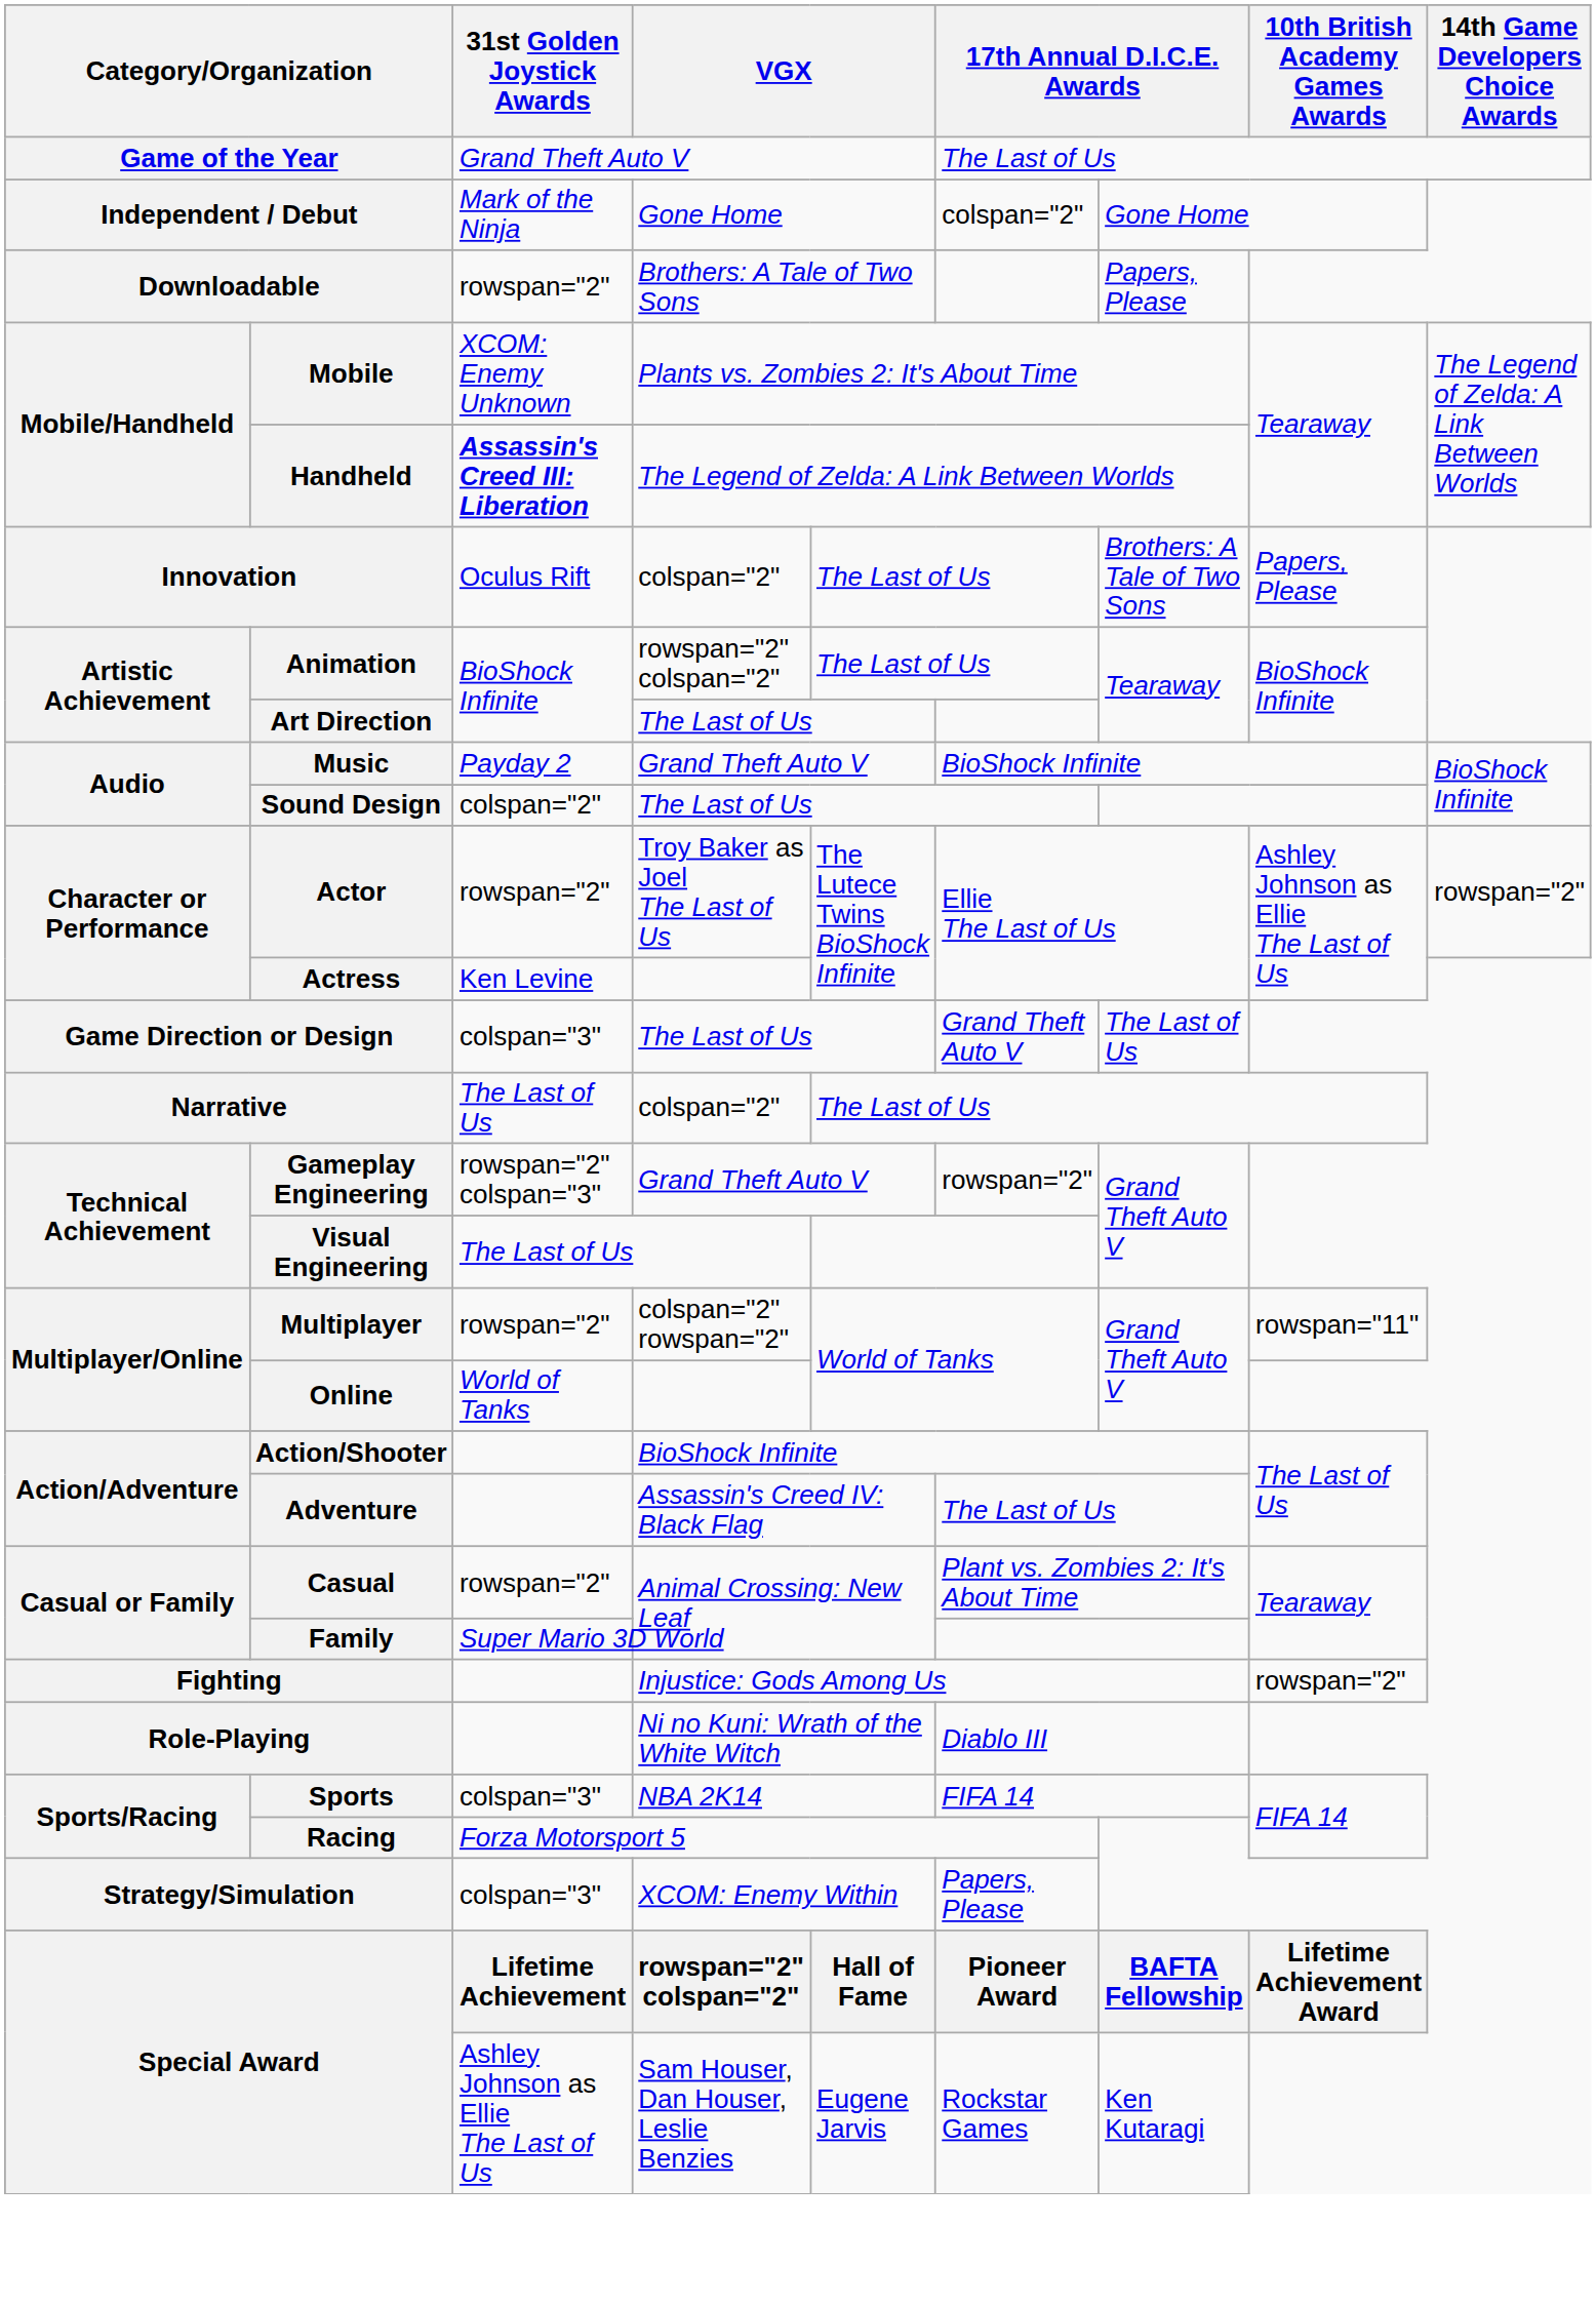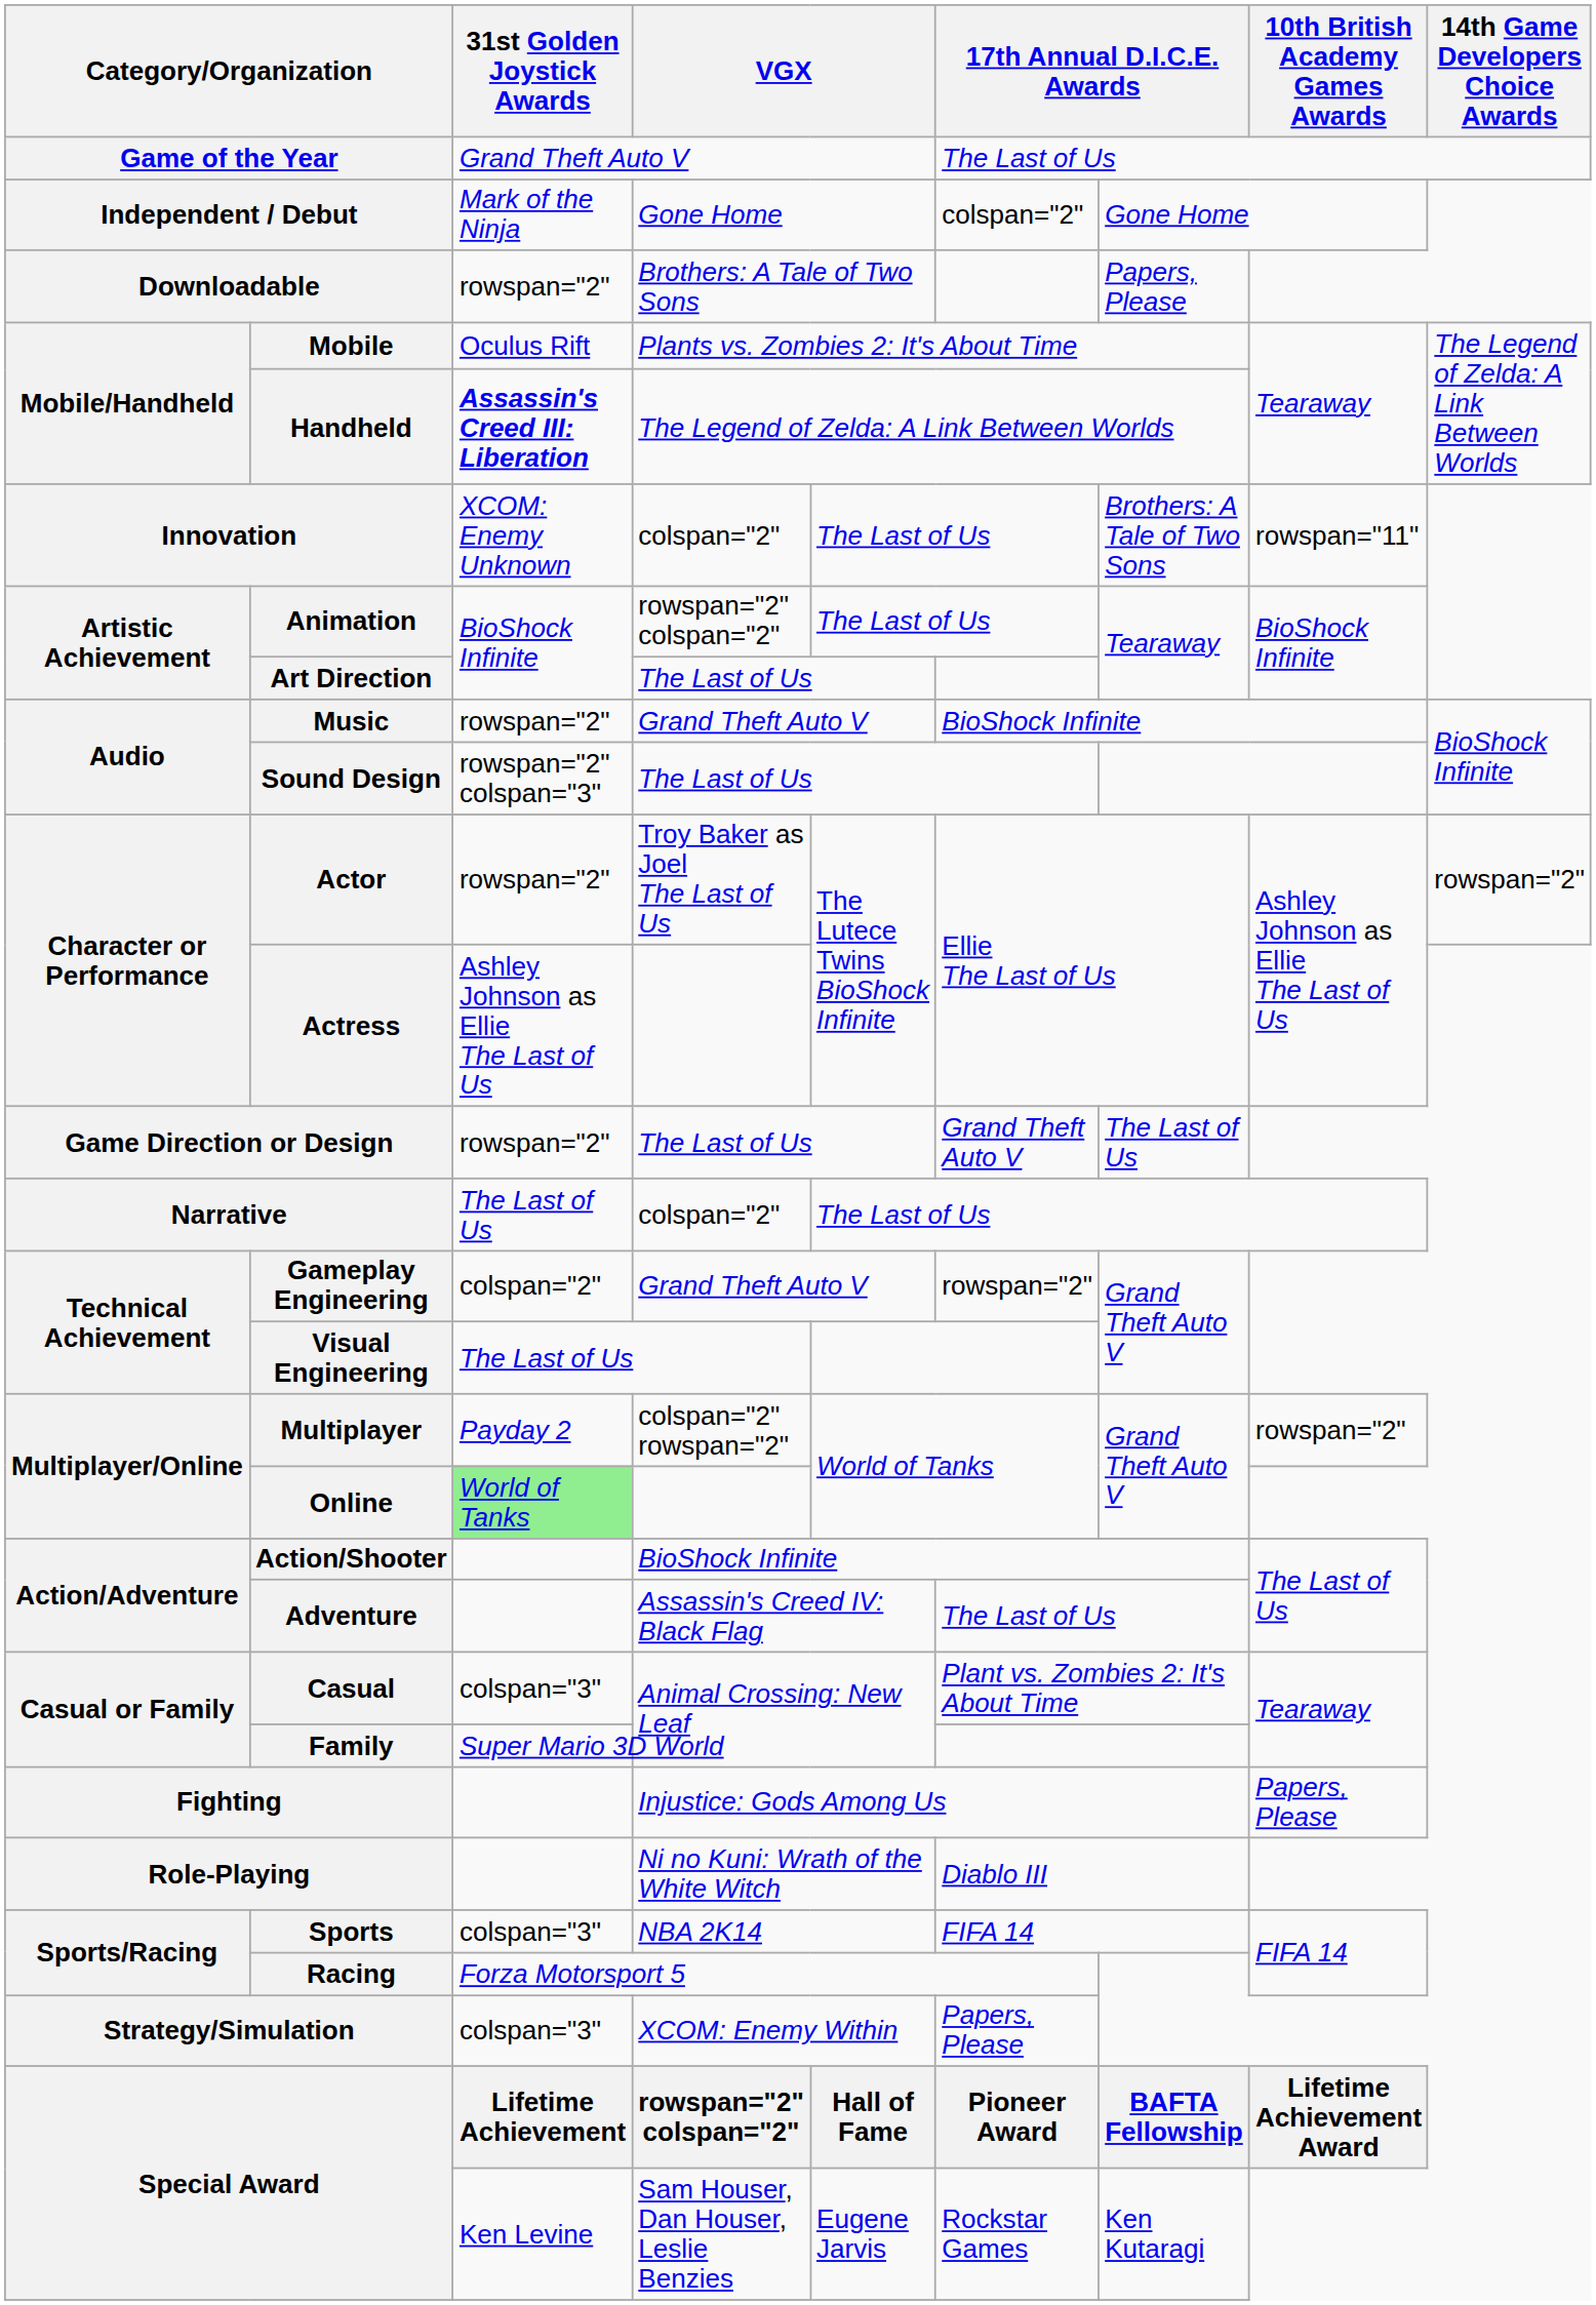 <table class="wikitable" style="border:none; margin:0; width:100%; font-size: 90%;">
 <tr>
 <th style="width:17%;" colspan="2">Category/Organization</th>
 <th style="width:16%;">31st <a href='#'>Golden Joystick Awards</a><br></th>
 <th style="width:16%;" colspan="2"><a href='#'>VGX</a><br></th>
 <th style="width:16%;" colspan="2"><a href='#'>17th Annual D.I.C.E. Awards</a><br></th>
 <th style="width:16%;"><a href='#'>10th British Academy Games Awards</a><br></th>
 <th style="width:16%;">14th <a href='#'>Game Developers Choice Awards</a><br></th>
 </tr>
 <tr>
 <th scope="row" colspan="2"><a href='#'>Game of the Year</a></th>
 <td colspan="3"><em><a href='#'>Grand Theft Auto V</a></em></td>
 <td colspan="4"><em><a href='#'>The Last of Us</a></em></td>
 </tr>
 <tr>
 <th scope="row" colspan="2" style="width:9%;">Independent / Debut</th>
 <td><em><a href='#'>Mark of the Ninja</a></em></td>
 <td colspan="2"><em><a href='#'>Gone Home</a></em></td>
 <td>colspan="2" </td>
 <td colspan="2"><em><a href='#'>Gone Home</a></em></td>
 </tr>
 <tr>
 <th scope="row" colspan="2" style="width:9%;">Downloadable</th>
 <td>rowspan="2" </td>
 <td colspan="2"><em><a href='#'>Brothers: A Tale of Two Sons</a></em></td>
 <td></td>
 <td><em><a href='#'>Papers, Please</a></em></td>
 </tr>
 <tr>
 <th scope="row" rowspan="2" style="width:12%;">Mobile/Handheld</th>
 <th>Mobile</th>
-<td><em><a href='#'>XCOM: Enemy Unknown</a></em></td>
+<td><a href='#'>Oculus Rift</a></td>
 <td colspan="4"><em><a href='#'>Plants vs. Zombies 2: It's About Time</a></em></td>
 <td rowspan="2"><em><a href='#'>Tearaway</a></em></td>
 <td rowspan="2"><em><a href='#'>The Legend of Zelda: A Link Between Worlds</a></em></td>
 </tr>
 <tr>
 <th scope="row">Handheld</th>
 <td><strong><em><a href='#'>Assassin's Creed III: Liberation</a></em></strong></td>
 <td colspan="4"><em><a href='#'>The Legend of Zelda: A Link Between Worlds</a></em></td>
 </tr>
 <tr>
 <th scope="row" colspan="2" style="width:9%;">Innovation</th>
-<td><a href='#'>Oculus Rift</a></td>
+<td><em><a href='#'>XCOM: Enemy Unknown</a></em></td>
 <td>colspan="2" </td>
 <td colspan="2"><em><a href='#'>The Last of Us</a></em></td>
 <td><em><a href='#'>Brothers: A Tale of Two Sons</a></em></td>
-<td><em><a href='#'>Papers, Please</a></em></td>
+<td>rowspan="11" </td>
 </tr>
 <tr>
 <th scope="row" rowspan="2" style="width:9%;">Artistic Achievement</th>
 <th>Animation</th>
 <td rowspan="2"><em><a href='#'>BioShock Infinite</a></em></td>
 <td>rowspan="2" colspan="2" </td>
 <td colspan="2"><em><a href='#'>The Last of Us</a></em></td>
 <td rowspan="2"><em><a href='#'>Tearaway</a></em></td>
 <td rowspan="2"><em><a href='#'>BioShock Infinite</a></em></td>
 </tr>
 <tr>
 <th scope="row">Art Direction</th>
 <td colspan="2"><em><a href='#'>The Last of Us</a></em></td>
 </tr>
 <tr>
 <th scope="row" rowspan="2" style="width:12%;">Audio</th>
 <th>Music</th>
-<td><em><a href='#'>Payday 2</a></em></td>
+<td>rowspan="2" </td>
 <td colspan="2"><em><a href='#'>Grand Theft Auto V</a></em></td>
 <td colspan="3"><em><a href='#'>BioShock Infinite</a></em></td>
 <td rowspan="2"><em><a href='#'>BioShock Infinite</a></em></td>
 </tr>
 <tr>
 <th scope="row">Sound Design</th>
-<td>colspan="2" </td>
+<td>rowspan="2" colspan="3" </td>
 <td colspan="3"><em><a href='#'>The Last of Us</a></em></td>
 </tr>
 <tr>
 <th scope="row" rowspan="2">Character or Performance</th>
 <th>Actor</th>
 <td>rowspan="2" </td>
 <td><a href='#'>Troy Baker</a> as <a href='#'>Joel</a><br> <em><a href='#'>The Last of Us</a></em></td>
 <td rowspan="2"><a href='#'>The Lutece Twins</a><br><em><a href='#'>BioShock Infinite</a></em></td>
 <td rowspan="2" colspan="2"><a href='#'>Ellie</a><br><em><a href='#'>The Last of Us</a></em></td>
 <td rowspan="2"><a href='#'>Ashley Johnson</a> as <a href='#'>Ellie</a><br><em><a href='#'>The Last of Us</a></em></td>
 <td>rowspan="2" </td>
 </tr>
 <tr>
 <th>Actress</th>
-<td><a href='#'>Ken Levine</a></td>
+<td><a href='#'>Ashley Johnson</a> as <a href='#'>Ellie</a><br><em><a href='#'>The Last of Us</a></em></td>
 </tr>
 <tr>
 <th scope="row" colspan="2">Game Direction or Design</th>
-<td>colspan="3" </td>
+<td>rowspan="2" </td>
 <td colspan="2"><em><a href='#'>The Last of Us</a></em></td>
 <td><em><a href='#'>Grand Theft Auto V</a></em></td>
 <td><em><a href='#'>The Last of Us</a></em></td>
 </tr>
 <tr>
 <th scope="row" colspan="2">Narrative</th>
 <td><em><a href='#'>The Last of Us</a></em></td>
 <td>colspan="2" </td>
 <td colspan="4"><em><a href='#'>The Last of Us</a></em></td>
 </tr>
 <tr>
 <th scope="row" rowspan="2">Technical Achievement</th>
 <th>Gameplay Engineering</th>
-<td>rowspan="2" colspan="3" </td>
+<td>colspan="2" </td>
 <td colspan="2"><em><a href='#'>Grand Theft Auto V</a></em></td>
 <td>rowspan="2" </td>
 <td rowspan="2"><em><a href='#'>Grand Theft Auto V</a></em></td>
 </tr>
 <tr>
 <th scope="row">Visual Engineering</th>
 <td colspan="2"><em><a href='#'>The Last of Us</a></em></td>
 </tr>
 <tr>
 <th scope="row" rowspan="2">Multiplayer/Online</th>
 <th>Multiplayer</th>
-<td>rowspan="2" </td>
+<td><em><a href='#'>Payday 2</a></em></td>
 <td>colspan="2" rowspan="2" </td>
 <td colspan="2" rowspan="2"><em><a href='#'>World of Tanks</a></em></td>
 <td rowspan="2"><em><a href='#'>Grand Theft Auto V</a></em></td>
-<td>rowspan="11" </td>
+<td>rowspan="2" </td>
 </tr>
 <tr>
 <th scope="row">Online</th>
-<td><em><a href='#'>World of Tanks</a></em></td>
+<td style="background: lightgreen;"><em><a href='#'>World of Tanks</a></em></td>
 </tr>
 <tr>
 <th scope="row" rowspan="2">Action/Adventure</th>
 <th>Action/Shooter</th>
 <td></td>
 <td colspan="4"><em><a href='#'>BioShock Infinite</a></em></td>
 <td rowspan="2"><em><a href='#'>The Last of Us</a></em></td>
 </tr>
 <tr>
 <th scope="row">Adventure</th>
 <td></td>
 <td colspan="2"><em><a href='#'>Assassin's Creed IV: Black Flag</a></em></td>
 <td colspan="2"><em><a href='#'>The Last of Us</a></em></td>
 </tr>
 <tr>
 <th scope="row" rowspan="2">Casual or Family</th>
 <th>Casual</th>
-<td>rowspan="2" </td>
+<td>colspan="3" </td>
 <td rowspan="2" colspan="2"><em><a href='#'>Animal Crossing: New Leaf</a></em></td>
 <td colspan="2"><em><a href='#'>Plant vs. Zombies 2: It's About Time</a></em></td>
 <td rowspan="2"><em><a href='#'>Tearaway</a></em></td>
 </tr>
 <tr>
 <th>Family</th>
 <td colspan="2"><em><a href='#'>Super Mario 3D World</a></em></td>
 </tr>
 <tr>
 <th scope="row" colspan="2">Fighting</th>
 <td></td>
 <td colspan="4"><em><a href='#'>Injustice: Gods Among Us</a></em></td>
-<td>rowspan="2" </td>
+<td><em><a href='#'>Papers, Please</a></em></td>
 </tr>
 <tr>
 <th scope="row" colspan="2">Role-Playing</th>
 <td></td>
 <td colspan="2"><em><a href='#'>Ni no Kuni: Wrath of the White Witch</a></em></td>
 <td colspan="2"><em><a href='#'>Diablo III</a></em></td>
 </tr>
 <tr>
 <th scope="row" rowspan="2">Sports/Racing</th>
 <th>Sports</th>
 <td>colspan="3" </td>
 <td colspan="2"><em><a href='#'>NBA 2K14</a></em></td>
 <td colspan="2"><em><a href='#'>FIFA 14</a></em></td>
 <td rowspan="2"><em><a href='#'>FIFA 14</a></em></td>
 </tr>
 <tr>
 <th>Racing</th>
 <td colspan="4"><em><a href='#'>Forza Motorsport 5</a></em></td>
 </tr>
 <tr>
 <th scope="row" colspan="2">Strategy/Simulation</th>
 <td>colspan="3" </td>
 <td colspan="2"><em><a href='#'>XCOM: Enemy Within</a></em></td>
 <td><em><a href='#'>Papers, Please</a></em></td>
 </tr>
 <tr>
 <th scope="row" colspan="2" rowspan="2">Special Award</th>
 <th>Lifetime Achievement</th>
 <th>rowspan="2" colspan="2" </th>
 <th>Hall of Fame</th>
 <th>Pioneer Award</th>
 <th><a href='#'>BAFTA Fellowship</a></th>
 <th>Lifetime Achievement Award</th>
 </tr>
 <tr>
-<td><a href='#'>Ashley Johnson</a> as <a href='#'>Ellie</a><br><em><a href='#'>The Last of Us</a></em></td>
+<td><a href='#'>Ken Levine</a></td>
 <td><a href='#'>Sam Houser</a>,<br> <a href='#'>Dan Houser</a>,<br> <a href='#'>Leslie Benzies</a></td>
 <td><a href='#'>Eugene Jarvis</a></td>
 <td><a href='#'>Rockstar Games</a></td>
 <td><a href='#'>Ken Kutaragi</a></td>
 </tr>
 </table>
